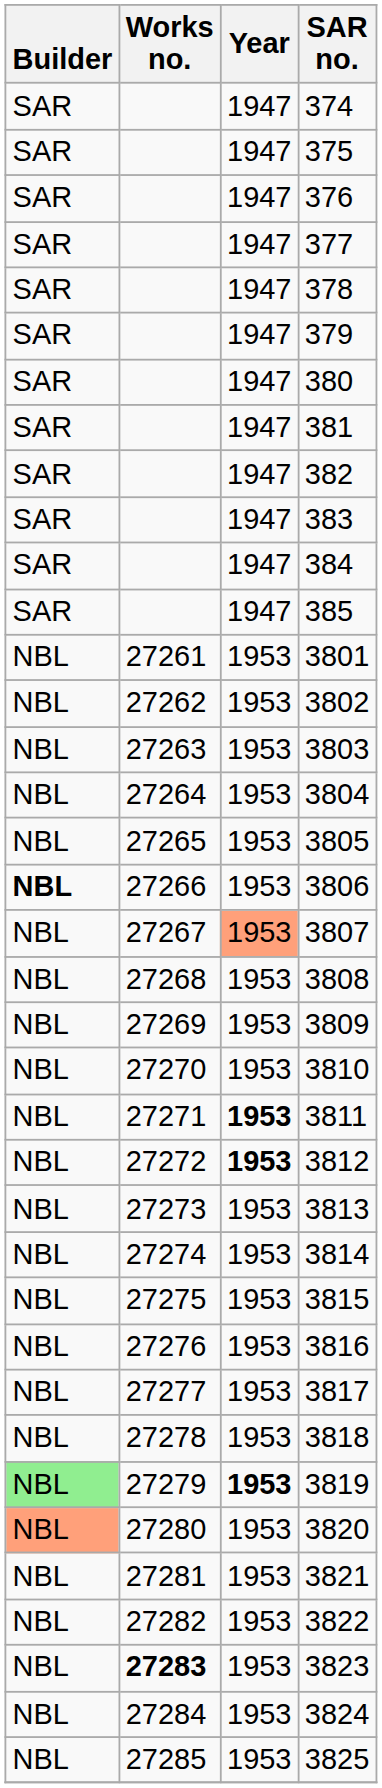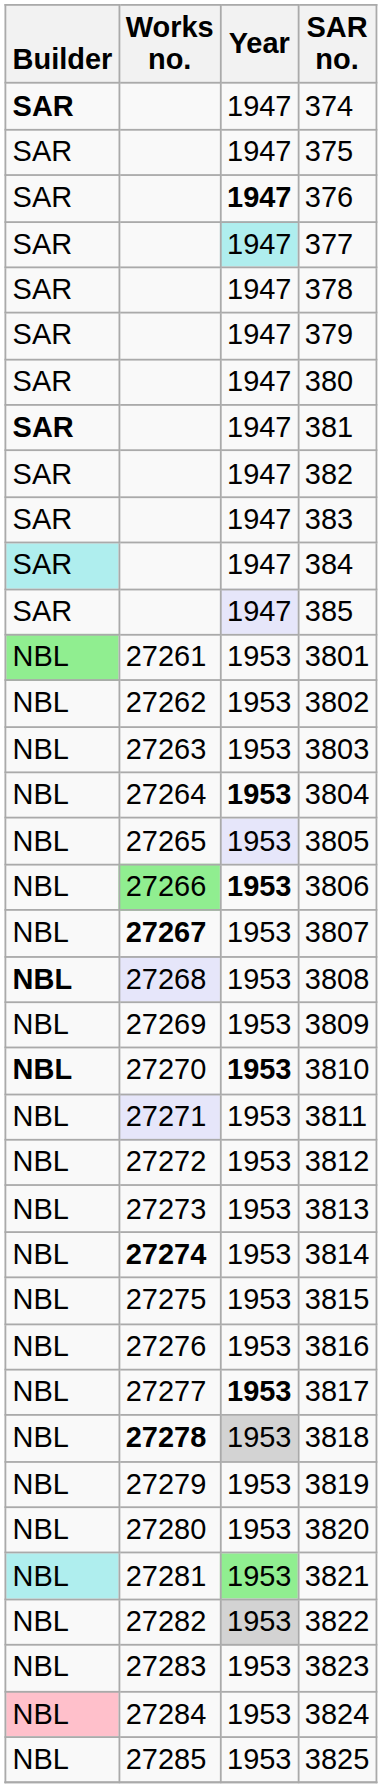 <table class="wikitable collapsible collapsed sortable" style="margin:0.5em auto; font-size:100%;">
 <tr>
 <th><br>Builder</th>
 <th>Works<br>no.</th>
 <th>Year<br></th>
 <th>SAR<br>no.</th>
 </tr>
 <tr>
-<td>SAR</td>
+<td><strong>SAR</strong></td>
 <td></td>
 <td>1947</td>
 <td>374</td>
 </tr>
 <tr>
 <td>SAR</td>
 <td></td>
 <td>1947</td>
 <td>375</td>
 </tr>
 <tr>
 <td>SAR</td>
 <td></td>
-<td>1947</td>
+<td><strong>1947</strong></td>
 <td>376</td>
 </tr>
 <tr>
 <td>SAR</td>
 <td></td>
-<td>1947</td>
+<td style="background: paleturquoise;">1947</td>
 <td>377</td>
 </tr>
 <tr>
 <td>SAR</td>
 <td></td>
 <td>1947</td>
 <td>378</td>
 </tr>
 <tr>
 <td>SAR</td>
 <td></td>
 <td>1947</td>
 <td>379</td>
 </tr>
 <tr>
 <td>SAR</td>
 <td></td>
 <td>1947</td>
 <td>380</td>
 </tr>
 <tr>
-<td>SAR</td>
+<td><strong>SAR</strong></td>
 <td></td>
 <td>1947</td>
 <td>381</td>
 </tr>
 <tr>
 <td>SAR</td>
 <td></td>
 <td>1947</td>
 <td>382</td>
 </tr>
 <tr>
 <td>SAR</td>
 <td></td>
 <td>1947</td>
 <td>383</td>
 </tr>
 <tr>
-<td>SAR</td>
+<td style="background: paleturquoise;">SAR</td>
 <td></td>
 <td>1947</td>
 <td>384</td>
 </tr>
 <tr>
 <td>SAR</td>
 <td></td>
-<td>1947</td>
+<td style="background: lavender;">1947</td>
 <td>385</td>
 </tr>
 <tr>
-<td>NBL</td>
+<td style="background: lightgreen;">NBL</td>
 <td>27261</td>
 <td>1953</td>
 <td>3801</td>
 </tr>
 <tr>
 <td>NBL</td>
 <td>27262</td>
 <td>1953</td>
 <td>3802</td>
 </tr>
 <tr>
 <td>NBL</td>
 <td>27263</td>
 <td>1953</td>
 <td>3803</td>
 </tr>
 <tr>
 <td>NBL</td>
 <td>27264</td>
-<td>1953</td>
+<td><strong>1953</strong></td>
 <td>3804</td>
 </tr>
 <tr>
 <td>NBL</td>
 <td>27265</td>
-<td>1953</td>
+<td style="background: lavender;">1953</td>
 <td>3805</td>
 </tr>
 <tr>
-<td><strong>NBL</strong></td>
-<td>27266</td>
-<td>1953</td>
+<td>NBL</td>
+<td style="background: lightgreen;">27266</td>
+<td><strong>1953</strong></td>
 <td>3806</td>
 </tr>
 <tr>
 <td>NBL</td>
-<td>27267</td>
-<td style="background: lightsalmon;">1953</td>
+<td><strong>27267</strong></td>
+<td>1953</td>
 <td>3807</td>
 </tr>
 <tr>
-<td>NBL</td>
-<td>27268</td>
+<td><strong>NBL</strong></td>
+<td style="background: lavender;">27268</td>
 <td>1953</td>
 <td>3808</td>
 </tr>
 <tr>
 <td>NBL</td>
 <td>27269</td>
 <td>1953</td>
 <td>3809</td>
 </tr>
 <tr>
-<td>NBL</td>
+<td><strong>NBL</strong></td>
 <td>27270</td>
-<td>1953</td>
+<td><strong>1953</strong></td>
 <td>3810</td>
 </tr>
 <tr>
 <td>NBL</td>
-<td>27271</td>
-<td><strong>1953</strong></td>
+<td style="background: lavender;">27271</td>
+<td>1953</td>
 <td>3811</td>
 </tr>
 <tr>
 <td>NBL</td>
 <td>27272</td>
-<td><strong>1953</strong></td>
+<td>1953</td>
 <td>3812</td>
 </tr>
 <tr>
 <td>NBL</td>
 <td>27273</td>
 <td>1953</td>
 <td>3813</td>
 </tr>
 <tr>
 <td>NBL</td>
-<td>27274</td>
+<td><strong>27274</strong></td>
 <td>1953</td>
 <td>3814</td>
 </tr>
 <tr>
 <td>NBL</td>
 <td>27275</td>
 <td>1953</td>
 <td>3815</td>
 </tr>
 <tr>
 <td>NBL</td>
 <td>27276</td>
 <td>1953</td>
 <td>3816</td>
 </tr>
 <tr>
 <td>NBL</td>
 <td>27277</td>
-<td>1953</td>
+<td><strong>1953</strong></td>
 <td>3817</td>
 </tr>
 <tr>
 <td>NBL</td>
-<td>27278</td>
-<td>1953</td>
+<td><strong>27278</strong></td>
+<td style="background: lightgrey;">1953</td>
 <td>3818</td>
 </tr>
 <tr>
-<td style="background: lightgreen;">NBL</td>
+<td>NBL</td>
 <td>27279</td>
-<td><strong>1953</strong></td>
+<td>1953</td>
 <td>3819</td>
 </tr>
 <tr>
-<td style="background: lightsalmon;">NBL</td>
+<td>NBL</td>
 <td>27280</td>
 <td>1953</td>
 <td>3820</td>
 </tr>
 <tr>
-<td>NBL</td>
+<td style="background: paleturquoise;">NBL</td>
 <td>27281</td>
-<td>1953</td>
+<td style="background: lightgreen;">1953</td>
 <td>3821</td>
 </tr>
 <tr>
 <td>NBL</td>
 <td>27282</td>
-<td>1953</td>
+<td style="background: lightgrey;">1953</td>
 <td>3822</td>
 </tr>
 <tr>
 <td>NBL</td>
-<td><strong>27283</strong></td>
+<td>27283</td>
 <td>1953</td>
 <td>3823</td>
 </tr>
 <tr>
-<td>NBL</td>
+<td style="background: pink;">NBL</td>
 <td>27284</td>
 <td>1953</td>
 <td>3824</td>
 </tr>
 <tr>
 <td>NBL</td>
 <td>27285</td>
 <td>1953</td>
 <td>3825</td>
 </tr>
 <tr>
 </tr>
 </table>
